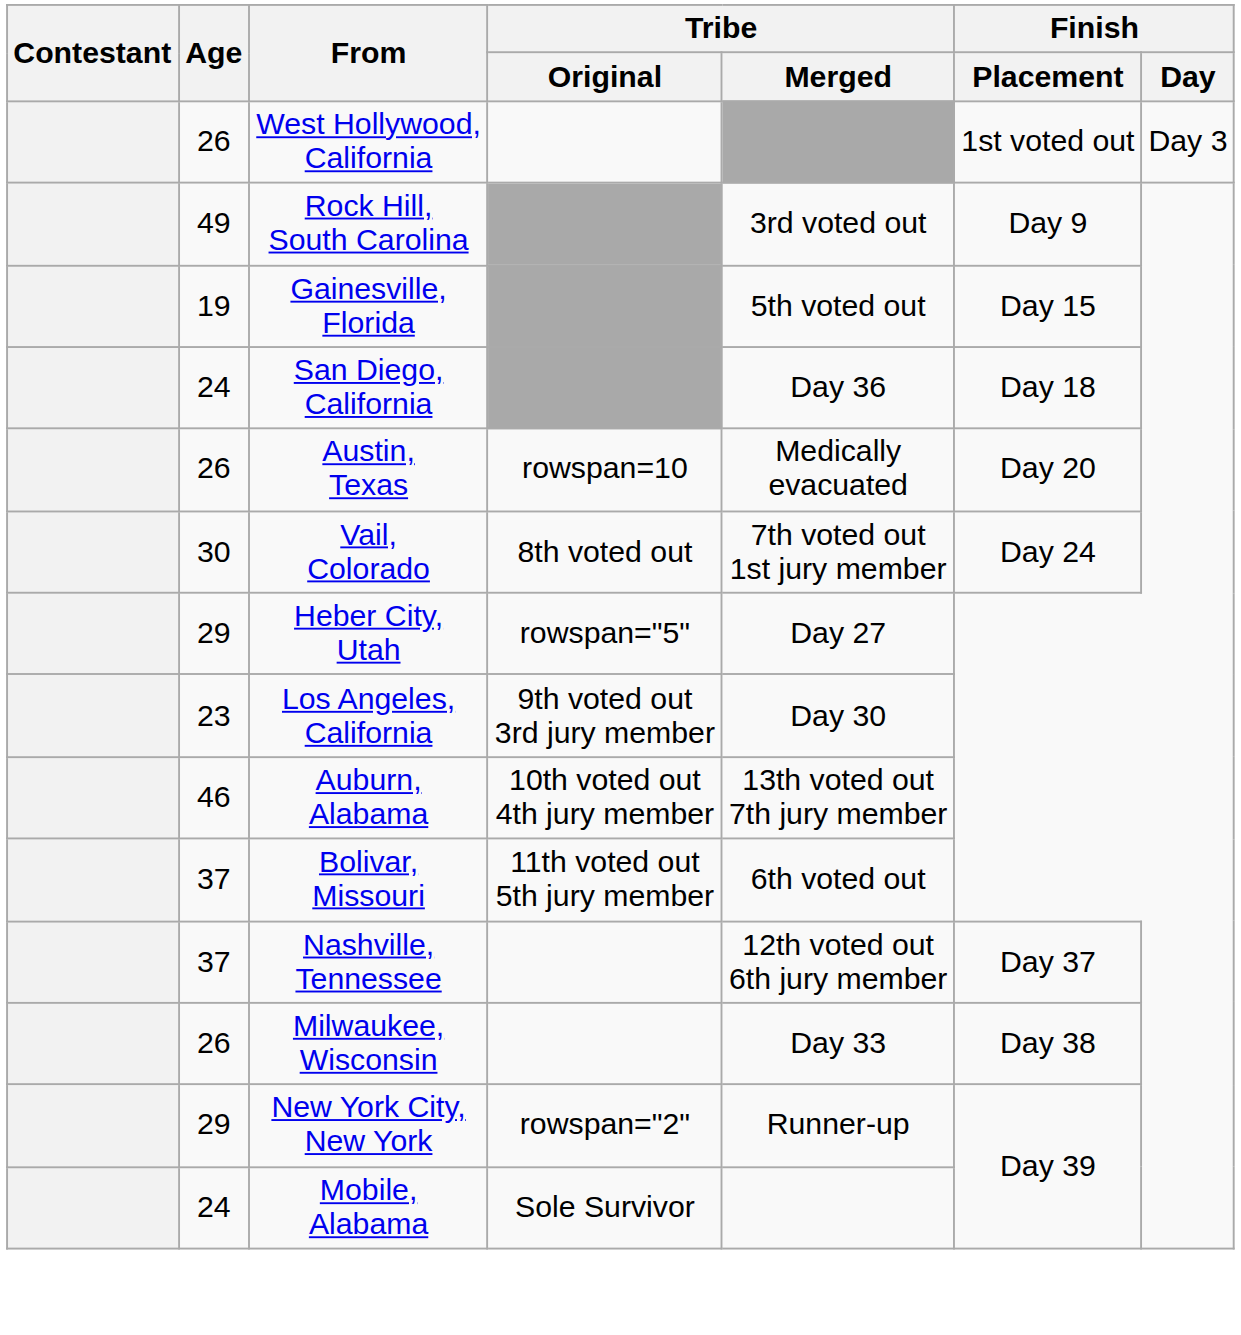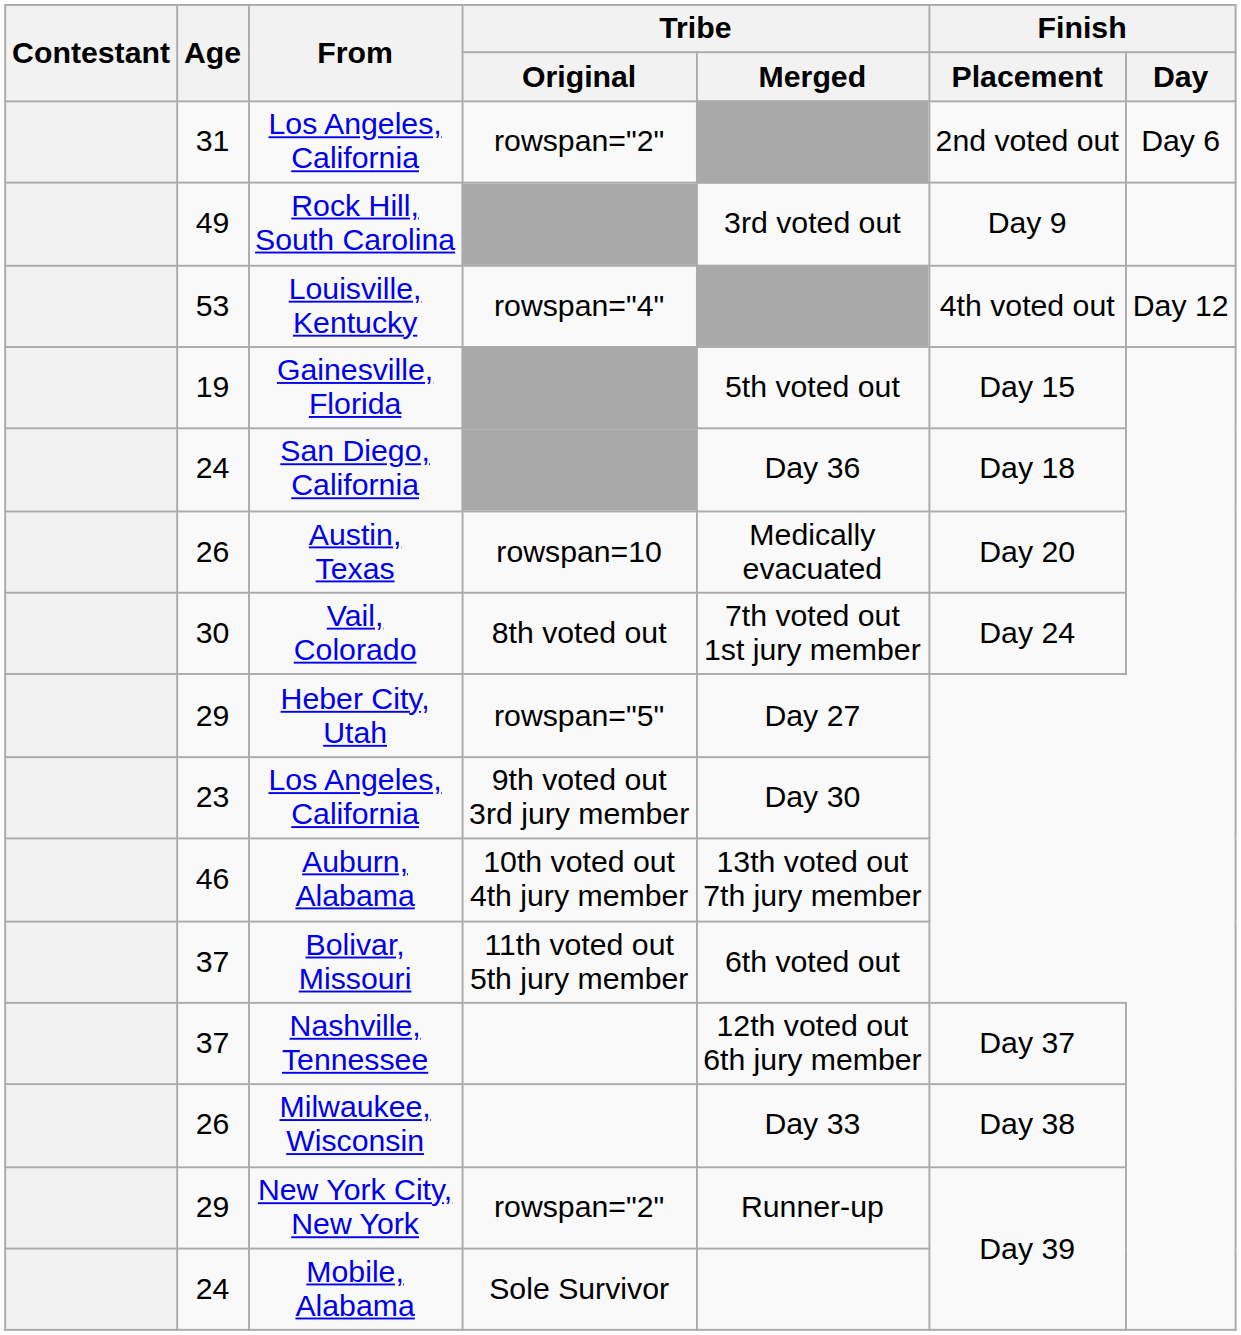 <table class="wikitable sortable" style="margin:auto; text-align:center">
 <tr>
 <th rowspan="2" scope="col">Contestant</th>
 <th rowspan="2" scope="col">Age</th>
 <th rowspan="2" scope="col" class=unsortable>From</th>
 <th colspan="2" scope="colgroup">Tribe</th>
 <th colspan="2">Finish</th>
 </tr>
 <tr>
 <th scope="col">Original</th>
 <th scope="col" class=unsortable>Merged</th>
 <th scope="col" class=unsortable>Placement</th>
 <th scope="col" class=unsortable>Day</th>
 </tr>
 <tr>
 <th scope="row" style=text-align:left></th>
-<td>26</td>
-<td><a href='#'>West Hollywood,<br>California</a></td>
-<td></td>
+<td>31</td>
+<td><a href='#'>Los Angeles,<br>California</a></td>
+<td>rowspan="2" </td>
 <td bgcolor="darkgray"></td>
-<td>1st voted out</td>
-<td>Day 3</td>
+<td>2nd voted out</td>
+<td>Day 6</td>
 </tr>
 <tr>
 <th scope="row" style=text-align:left></th>
 <td>49</td>
 <td><a href='#'>Rock Hill,<br>South Carolina</a></td>
 <td bgcolor="darkgray"></td>
 <td>3rd voted out</td>
 <td>Day 9</td>
+</tr>
+<tr>
+<th scope="row" style=text-align:left></th>
+<td>53</td>
+<td><a href='#'>Louisville,<br>Kentucky</a></td>
+<td>rowspan="4" </td>
+<td bgcolor="darkgray"></td>
+<td>4th voted out</td>
+<td>Day 12</td>
 </tr>
 <tr>
 <th scope="row" style=text-align:left></th>
 <td>19</td>
 <td><a href='#'>Gainesville,<br>Florida</a></td>
 <td bgcolor="darkgray"></td>
 <td>5th voted out</td>
 <td>Day 15</td>
 </tr>
 <tr>
 <th scope="row" style=text-align:left></th>
 <td>24</td>
 <td><a href='#'>San Diego,<br>California</a></td>
 <td bgcolor="darkgray"></td>
 <td>Day 36</td>
 <td>Day 18</td>
 </tr>
 <tr>
 <th scope="row" style=text-align:left></th>
 <td>26</td>
 <td><a href='#'>Austin,<br>Texas</a></td>
 <td>rowspan=10 </td>
 <td>Medically<br>evacuated</td>
 <td>Day 20</td>
 </tr>
 <tr>
 <th scope="row" style=text-align:left></th>
 <td>30</td>
 <td><a href='#'>Vail,<br>Colorado</a></td>
 <td>8th voted out<br></td>
 <td>7th voted out<br>1st jury member</td>
 <td>Day 24</td>
 </tr>
 <tr>
 <th scope="row" style=text-align:left></th>
 <td>29</td>
 <td><a href='#'>Heber City,<br>Utah</a></td>
 <td>rowspan="5" </td>
 <td>Day 27</td>
 </tr>
 <tr>
 <th scope="row" style=text-align:left></th>
 <td>23</td>
 <td><a href='#'>Los Angeles,<br>California</a></td>
 <td>9th voted out<br>3rd jury member</td>
 <td>Day 30</td>
 </tr>
 <tr>
 <th scope="row" style=text-align:left></th>
 <td>46</td>
 <td><a href='#'>Auburn,<br>Alabama</a></td>
 <td>10th voted out<br>4th jury member</td>
 <td>13th voted out<br>7th jury member</td>
 </tr>
 <tr>
 <th scope="row" style=text-align:left></th>
 <td>37</td>
 <td><a href='#'>Bolivar,<br>Missouri</a></td>
 <td>11th voted out<br>5th jury member</td>
 <td>6th voted out</td>
 </tr>
 <tr>
 <th scope="row" style=text-align:left></th>
 <td>37</td>
 <td><a href='#'>Nashville,<br>Tennessee</a></td>
 <td></td>
 <td>12th voted out<br>6th jury member</td>
 <td>Day 37</td>
 </tr>
 <tr>
 <th scope="row" style=text-align:left></th>
 <td>26</td>
 <td><a href='#'>Milwaukee,<br>Wisconsin</a></td>
 <td></td>
 <td>Day 33</td>
 <td>Day 38</td>
 </tr>
 <tr>
 <th scope="row" style=text-align:left></th>
 <td>29</td>
 <td><a href='#'>New York City,<br>New York</a></td>
 <td>rowspan="2" </td>
 <td>Runner-up</td>
 <td rowspan="2">Day 39</td>
 </tr>
 <tr>
 <th scope="row" style=text-align:left></th>
 <td>24</td>
 <td><a href='#'>Mobile,<br>Alabama</a></td>
 <td>Sole Survivor</td>
 </tr>
 </table>
